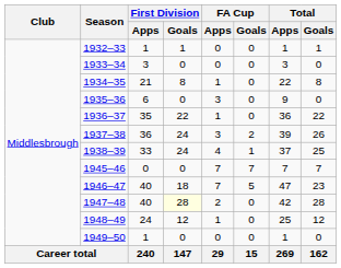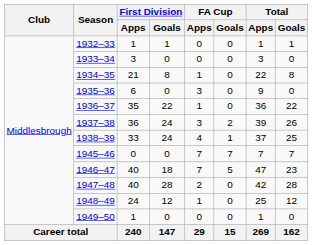 <table class="wikitable" style="text-align: center;">
 <tr>
 <th rowspan="2">Club</th>
 <th rowspan="2">Season</th>
 <th colspan="2"><a href='#'>First Division</a></th>
 <th colspan="2">FA Cup</th>
 <th colspan="2">Total</th>
 </tr>
 <tr>
 <th>Apps</th>
 <th>Goals</th>
 <th>Apps</th>
 <th>Goals</th>
 <th>Apps</th>
 <th>Goals</th>
 </tr>
 <tr>
 <td rowspan="12"><a href='#'>Middlesbrough</a></td>
 <td><a href='#'>1932–33</a></td>
 <td>1</td>
 <td>1</td>
 <td>0</td>
 <td>0</td>
 <td>1</td>
 <td>1</td>
 </tr>
 <tr>
 <td><a href='#'>1933–34</a></td>
 <td>3</td>
 <td>0</td>
 <td>0</td>
 <td>0</td>
 <td>3</td>
 <td>0</td>
 </tr>
 <tr>
 <td><a href='#'>1934–35</a></td>
 <td>21</td>
 <td>8</td>
 <td>1</td>
 <td>0</td>
 <td>22</td>
 <td>8</td>
 </tr>
 <tr>
 <td><a href='#'>1935–36</a></td>
 <td>6</td>
 <td>0</td>
 <td>3</td>
 <td>0</td>
 <td>9</td>
 <td>0</td>
 </tr>
 <tr>
 <td><a href='#'>1936–37</a></td>
 <td>35</td>
 <td>22</td>
 <td>1</td>
 <td>0</td>
 <td>36</td>
 <td>22</td>
 </tr>
 <tr>
 <td><a href='#'>1937–38</a></td>
 <td>36</td>
 <td>24</td>
 <td>3</td>
 <td>2</td>
 <td>39</td>
 <td>26</td>
 </tr>
 <tr>
 <td><a href='#'>1938–39</a></td>
 <td>33</td>
 <td>24</td>
 <td>4</td>
 <td>1</td>
 <td>37</td>
 <td>25</td>
 </tr>
 <tr>
 <td><a href='#'>1945–46</a></td>
 <td>0</td>
 <td>0</td>
 <td>7</td>
 <td>7</td>
 <td>7</td>
 <td>7</td>
 </tr>
 <tr>
 <td><a href='#'>1946–47</a></td>
 <td>40</td>
 <td>18</td>
 <td>7</td>
 <td>5</td>
 <td>47</td>
 <td>23</td>
 </tr>
 <tr>
 <td><a href='#'>1947–48</a></td>
 <td>40</td>
-<td style="background: lightyellow;">28</td>
+<td>28</td>
 <td>2</td>
 <td>0</td>
 <td>42</td>
 <td>28</td>
 </tr>
 <tr>
 <td><a href='#'>1948–49</a></td>
 <td>24</td>
 <td>12</td>
 <td>1</td>
 <td>0</td>
 <td>25</td>
 <td>12</td>
 </tr>
 <tr>
 <td><a href='#'>1949–50</a></td>
 <td>1</td>
 <td>0</td>
 <td>0</td>
 <td>0</td>
 <td>1</td>
 <td>0</td>
 </tr>
 <tr>
 <th colspan="2">Career total</th>
 <th>240</th>
 <th>147</th>
 <th>29</th>
 <th>15</th>
 <th>269</th>
 <th>162</th>
 </tr>
 </table>
